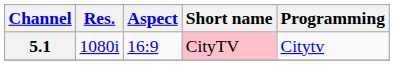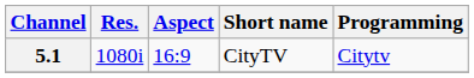 <table class="wikitable">
 <tr>
 <th scope = "col"><a href='#'>Channel</a></th>
 <th scope = "col"><a href='#'>Res.</a></th>
 <th scope = "col"><a href='#'>Aspect</a></th>
 <th scope = "col">Short name</th>
 <th scope = "col">Programming</th>
 </tr>
 <tr>
 <th scope = "col">5.1</th>
 <td><a href='#'>1080i</a></td>
 <td><a href='#'>16:9</a></td>
-<td style="background: pink;">CityTV</td>
+<td>CityTV</td>
 <td><a href='#'>Citytv</a></td>
 </tr>
 <tr>
 </tr>
 </table>
